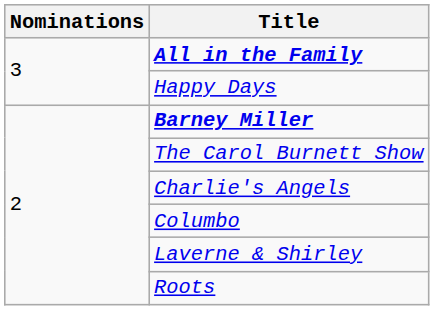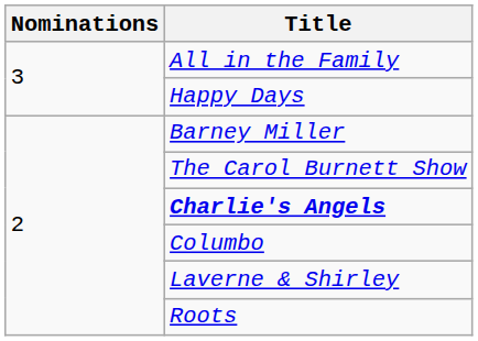 <table class="wikitable">
 <tr>
 <th>Nominations</th>
 <th>Title</th>
 </tr>
 <tr>
 <td rowspan="2">3</td>
-<td><strong><em><a href='#'>All in the Family</a></em></strong></td>
+<td><em><a href='#'>All in the Family</a></em></td>
 </tr>
 <tr>
 <td><em><a href='#'>Happy Days</a></em></td>
 </tr>
 <tr>
 <td rowspan="6">2</td>
-<td><strong><em><a href='#'>Barney Miller</a></em></strong></td>
+<td><em><a href='#'>Barney Miller</a></em></td>
 </tr>
 <tr>
 <td><em><a href='#'>The Carol Burnett Show</a></em></td>
 </tr>
 <tr>
-<td><em><a href='#'>Charlie's Angels</a></em></td>
+<td><strong><em><a href='#'>Charlie's Angels</a></em></strong></td>
 </tr>
 <tr>
 <td><em><a href='#'>Columbo</a></em></td>
 </tr>
 <tr>
 <td><em><a href='#'>Laverne & Shirley</a></em></td>
 </tr>
 <tr>
 <td><em><a href='#'>Roots</a></em></td>
 </tr>
 </table>
